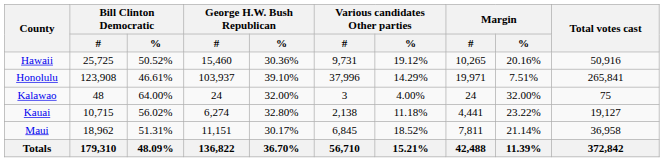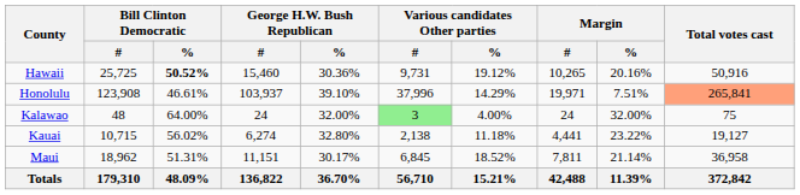 <table width="60%"  class="wikitable sortable" style="text-align:center">
 <tr>
 <th style="text-align:center;" rowspan="2">County</th>
 <th style="text-align:center;" colspan="2">Bill Clinton<br>Democratic</th>
 <th style="text-align:center;" colspan="2">George H.W. Bush<br>Republican</th>
 <th style="text-align:center;" colspan="2">Various candidates<br>Other parties</th>
 <th style="text-align:center;" colspan="2">Margin</th>
 <th style="text-align:center;" rowspan="2">Total votes cast</th>
 </tr>
 <tr>
 <th style="text-align:center;" data-sort-type="number">#</th>
 <th style="text-align:center;" data-sort-type="number">%</th>
 <th style="text-align:center;" data-sort-type="number">#</th>
 <th style="text-align:center;" data-sort-type="number">%</th>
 <th style="text-align:center;" data-sort-type="number">#</th>
 <th style="text-align:center;" data-sort-type="number">%</th>
 <th style="text-align:center;" data-sort-type="number">#</th>
 <th style="text-align:center;" data-sort-type="number">%</th>
 </tr>
 <tr style="text-align:center;">
 <td><a href='#'>Hawaii</a></td>
 <td>25,725</td>
-<td>50.52%</td>
+<td><strong>50.52%</strong></td>
 <td>15,460</td>
 <td>30.36%</td>
 <td>9,731</td>
 <td>19.12%</td>
 <td>10,265</td>
 <td>20.16%</td>
 <td>50,916</td>
 </tr>
 <tr style="text-align:center;">
 <td><a href='#'>Honolulu</a></td>
 <td>123,908</td>
 <td>46.61%</td>
 <td>103,937</td>
 <td>39.10%</td>
 <td>37,996</td>
 <td>14.29%</td>
 <td>19,971</td>
 <td>7.51%</td>
-<td>265,841</td>
+<td style="background: lightsalmon;">265,841</td>
 </tr>
 <tr style="text-align:center;">
 <td><a href='#'>Kalawao</a></td>
 <td>48</td>
 <td>64.00%</td>
 <td>24</td>
 <td>32.00%</td>
-<td>3</td>
+<td style="background: lightgreen;">3</td>
 <td>4.00%</td>
 <td>24</td>
 <td>32.00%</td>
 <td>75</td>
 </tr>
 <tr style="text-align:center;">
 <td><a href='#'>Kauai</a></td>
 <td>10,715</td>
 <td>56.02%</td>
 <td>6,274</td>
 <td>32.80%</td>
 <td>2,138</td>
 <td>11.18%</td>
 <td>4,441</td>
 <td>23.22%</td>
 <td>19,127</td>
 </tr>
 <tr style="text-align:center;">
 <td><a href='#'>Maui</a></td>
 <td>18,962</td>
 <td>51.31%</td>
 <td>11,151</td>
 <td>30.17%</td>
 <td>6,845</td>
 <td>18.52%</td>
 <td>7,811</td>
 <td>21.14%</td>
 <td>36,958</td>
 </tr>
 <tr>
 <th>Totals</th>
 <th>179,310</th>
 <th>48.09%</th>
 <th>136,822</th>
 <th>36.70%</th>
 <th>56,710</th>
 <th>15.21%</th>
 <th>42,488</th>
 <th>11.39%</th>
 <th>372,842</th>
 </tr>
 </table>
